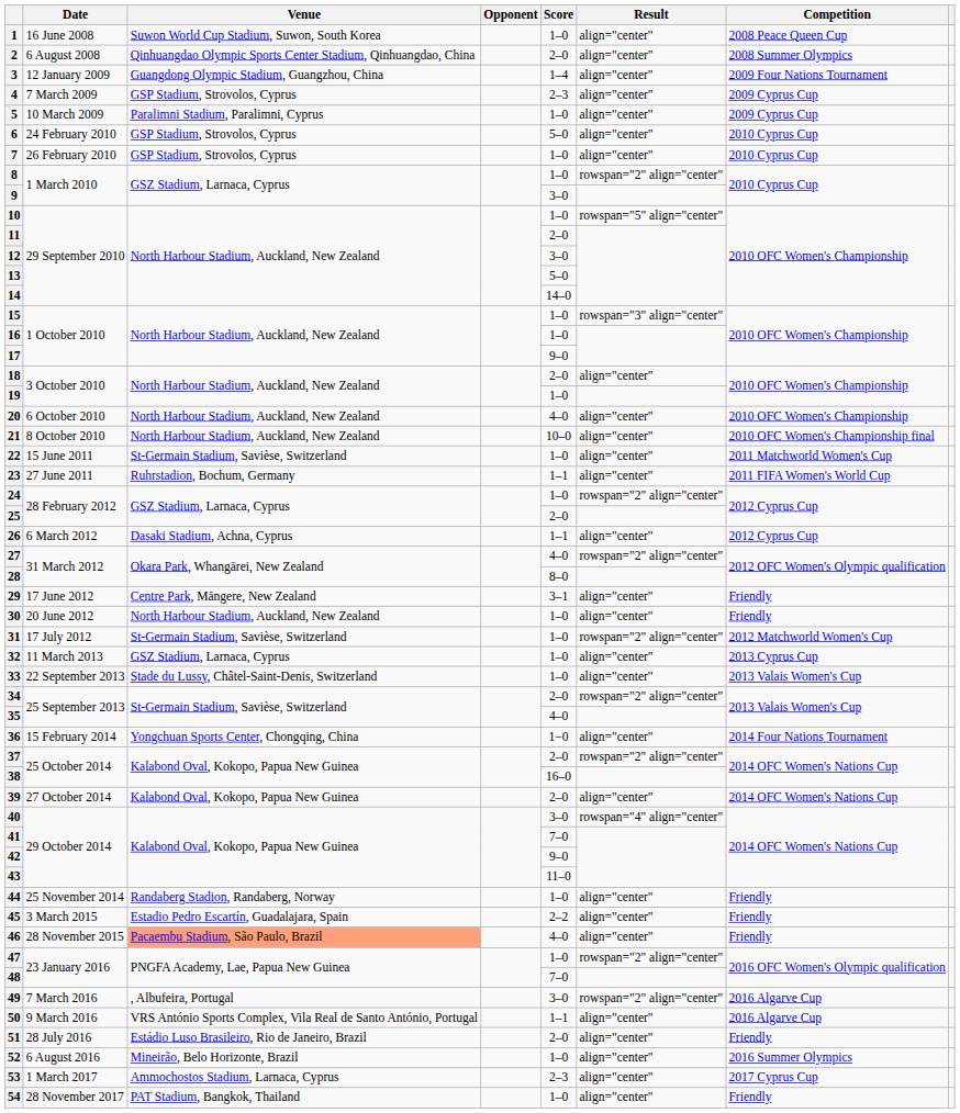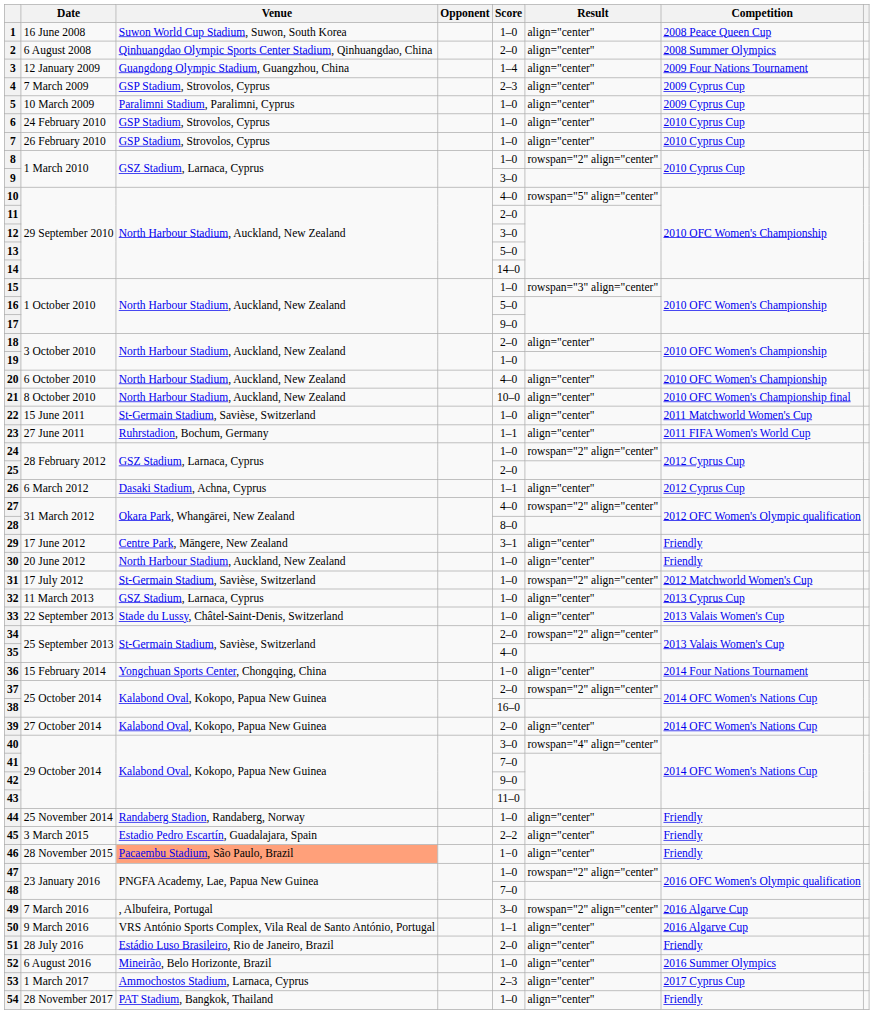 <table class="wikitable sortable">
 <tr>
 <th scope="col"></th>
 <th scope="col">Date</th>
 <th scope="col">Venue</th>
 <th scope="col">Opponent</th>
 <th scope="col">Score</th>
 <th scope="col">Result</th>
 <th scope="col">Competition</th>
 <th scope="col" class="unsortable"></th>
 </tr>
 <tr>
 <th scope="row">1</th>
 <td>16 June 2008</td>
 <td><a href='#'>Suwon World Cup Stadium</a>, Suwon, South Korea</td>
 <td></td>
 <td align="center">1–0</td>
 <td>align="center" </td>
 <td><a href='#'>2008 Peace Queen Cup</a></td>
 <td align="center"></td>
 </tr>
 <tr>
 <th scope="row">2</th>
 <td>6 August 2008</td>
 <td><a href='#'>Qinhuangdao Olympic Sports Center Stadium</a>, Qinhuangdao, China</td>
 <td></td>
 <td align="center">2–0</td>
 <td>align="center" </td>
 <td><a href='#'>2008 Summer Olympics</a></td>
 <td align="center"></td>
 </tr>
 <tr>
 <th scope="row">3</th>
 <td>12 January 2009</td>
 <td><a href='#'>Guangdong Olympic Stadium</a>, Guangzhou, China</td>
 <td></td>
 <td align="center">1–4</td>
 <td>align="center" </td>
 <td><a href='#'>2009 Four Nations Tournament</a></td>
 <td align="center"></td>
 </tr>
 <tr>
 <th scope="row">4</th>
 <td>7 March 2009</td>
 <td><a href='#'>GSP Stadium</a>, Strovolos, Cyprus</td>
 <td></td>
 <td align="center">2–3</td>
 <td>align="center" </td>
 <td><a href='#'>2009 Cyprus Cup</a></td>
 <td align="center"></td>
 </tr>
 <tr>
 <th scope="row">5</th>
 <td>10 March 2009</td>
 <td><a href='#'>Paralimni Stadium</a>, Paralimni, Cyprus</td>
 <td></td>
 <td align="center">1–0</td>
 <td>align="center" </td>
 <td><a href='#'>2009 Cyprus Cup</a></td>
 <td align="center"></td>
 </tr>
 <tr>
 <th scope="row">6</th>
 <td>24 February 2010</td>
 <td><a href='#'>GSP Stadium</a>, Strovolos, Cyprus</td>
 <td></td>
-<td align="center">5–0</td>
+<td align="center">1–0</td>
 <td>align="center" </td>
 <td><a href='#'>2010 Cyprus Cup</a></td>
 <td align="center"></td>
 </tr>
 <tr>
 <th scope="row">7</th>
 <td>26 February 2010</td>
 <td><a href='#'>GSP Stadium</a>, Strovolos, Cyprus</td>
 <td></td>
 <td align="center">1–0</td>
 <td>align="center" </td>
 <td><a href='#'>2010 Cyprus Cup</a></td>
 <td align="center"></td>
 </tr>
 <tr>
 <th scope="row">8</th>
 <td rowspan="2">1 March 2010</td>
 <td rowspan="2"><a href='#'>GSZ Stadium</a>, Larnaca, Cyprus</td>
 <td rowspan="2"></td>
 <td align="center">1–0</td>
 <td>rowspan="2" align="center" </td>
 <td rowspan="2"><a href='#'>2010 Cyprus Cup</a></td>
 <td rowspan="2" align="center"></td>
 </tr>
 <tr>
 <th scope="row">9</th>
 <td align="center">3–0</td>
 </tr>
 <tr>
 <th scope="row">10</th>
 <td rowspan="5">29 September 2010</td>
 <td rowspan="5"><a href='#'>North Harbour Stadium</a>, Auckland, New Zealand</td>
 <td rowspan="5"></td>
-<td align="center">1–0</td>
+<td align="center">4–0</td>
 <td>rowspan="5" align="center" </td>
 <td rowspan="5"><a href='#'>2010 OFC Women's Championship</a></td>
 <td rowspan="5" align="center"></td>
 </tr>
 <tr>
 <th scope="row">11</th>
 <td align="center">2–0</td>
 </tr>
 <tr>
 <th scope="row">12</th>
 <td align="center">3–0</td>
 </tr>
 <tr>
 <th scope="row">13</th>
 <td align="center">5–0</td>
 </tr>
 <tr>
 <th scope="row">14</th>
 <td align="center">14–0</td>
 </tr>
 <tr>
 <th scope="row">15</th>
 <td rowspan="3">1 October 2010</td>
 <td rowspan="3"><a href='#'>North Harbour Stadium</a>, Auckland, New Zealand</td>
 <td rowspan="3"></td>
 <td align="center">1–0</td>
 <td>rowspan="3" align="center" </td>
 <td rowspan="3"><a href='#'>2010 OFC Women's Championship</a></td>
 <td rowspan="3" align="center"></td>
 </tr>
 <tr>
 <th scope="row">16</th>
-<td align="center">1–0</td>
+<td align="center">5–0</td>
 </tr>
 <tr>
 <th scope="row">17</th>
 <td align="center">9–0</td>
 </tr>
 <tr>
 <th scope="row">18</th>
 <td rowspan="2">3 October 2010</td>
 <td rowspan="2"><a href='#'>North Harbour Stadium</a>, Auckland, New Zealand</td>
 <td rowspan="2"></td>
 <td align="center">2–0</td>
 <td>align="center" </td>
 <td rowspan="2"><a href='#'>2010 OFC Women's Championship</a></td>
 <td rowspan="2" align="center"></td>
 </tr>
 <tr>
 <th scope="row">19</th>
 <td align="center">1–0</td>
 </tr>
 <tr>
 <th scope="row">20</th>
 <td>6 October 2010</td>
 <td><a href='#'>North Harbour Stadium</a>, Auckland, New Zealand</td>
 <td></td>
 <td align="center">4–0</td>
 <td>align="center" </td>
 <td><a href='#'>2010 OFC Women's Championship</a></td>
 <td align="center"></td>
 </tr>
 <tr>
 <th scope="row">21</th>
 <td>8 October 2010</td>
 <td><a href='#'>North Harbour Stadium</a>, Auckland, New Zealand</td>
 <td></td>
 <td align="center">10–0</td>
 <td>align="center" </td>
 <td><a href='#'>2010 OFC Women's Championship final</a></td>
 <td align="center"></td>
 </tr>
 <tr>
 <th scope="row">22</th>
 <td>15 June 2011</td>
 <td><a href='#'>St-Germain Stadium</a>, Savièse, Switzerland</td>
 <td></td>
 <td align="center">1–0</td>
 <td>align="center" </td>
 <td><a href='#'>2011 Matchworld Women's Cup</a></td>
 <td align="center"></td>
 </tr>
 <tr>
 <th scope="row">23</th>
 <td>27 June 2011</td>
 <td><a href='#'>Ruhrstadion</a>, Bochum, Germany</td>
 <td></td>
 <td align="center">1–1</td>
 <td>align="center" </td>
 <td><a href='#'>2011 FIFA Women's World Cup</a></td>
 <td align="center"><strong></strong></td>
 </tr>
 <tr>
 <th scope="row">24</th>
 <td rowspan="2">28 February 2012</td>
 <td rowspan="2"><a href='#'>GSZ Stadium</a>, Larnaca, Cyprus</td>
 <td rowspan="2"></td>
 <td align="center">1–0</td>
 <td>rowspan="2" align="center" </td>
 <td rowspan="2"><a href='#'>2012 Cyprus Cup</a></td>
 <td rowspan="2" align="center"></td>
 </tr>
 <tr>
 <th scope="row">25</th>
 <td align="center">2–0</td>
 </tr>
 <tr>
 <th scope="row">26</th>
 <td>6 March 2012</td>
 <td><a href='#'>Dasaki Stadium</a>, Achna, Cyprus</td>
 <td></td>
 <td align="center">1–1</td>
 <td>align="center" </td>
 <td><a href='#'>2012 Cyprus Cup</a></td>
 <td align="center"></td>
 </tr>
 <tr>
 <th scope="row">27</th>
 <td rowspan="2">31 March 2012</td>
 <td rowspan="2"><a href='#'>Okara Park</a>, Whangārei, New Zealand</td>
 <td rowspan="2"></td>
 <td align="center">4–0</td>
 <td>rowspan="2" align="center" </td>
 <td rowspan="2"><a href='#'>2012 OFC Women's Olympic qualification</a></td>
 <td rowspan="2" align="center"></td>
 </tr>
 <tr>
 <th scope="row">28</th>
 <td align="center">8–0</td>
 </tr>
 <tr>
 <th scope="row">29</th>
 <td>17 June 2012</td>
 <td><a href='#'>Centre Park</a>, Māngere, New Zealand</td>
 <td></td>
 <td align="center">3–1</td>
 <td>align="center" </td>
 <td><a href='#'>Friendly</a></td>
 <td align="center"></td>
 </tr>
 <tr>
 <th scope="row">30</th>
 <td>20 June 2012</td>
 <td><a href='#'>North Harbour Stadium</a>, Auckland, New Zealand</td>
 <td></td>
 <td align="center">1–0</td>
 <td>align="center" </td>
 <td><a href='#'>Friendly</a></td>
 <td align="center"></td>
 </tr>
 <tr>
 <th scope="row">31</th>
 <td>17 July 2012</td>
 <td><a href='#'>St-Germain Stadium</a>, Savièse, Switzerland</td>
 <td></td>
 <td align="center">1–0</td>
 <td>rowspan="2" align="center" </td>
 <td><a href='#'>2012 Matchworld Women's Cup</a></td>
 <td align="center"></td>
 </tr>
 <tr>
 <th scope="row">32</th>
 <td>11 March 2013</td>
 <td><a href='#'>GSZ Stadium</a>, Larnaca, Cyprus</td>
 <td></td>
 <td align="center">1–0</td>
 <td>align="center" </td>
 <td><a href='#'>2013 Cyprus Cup</a></td>
 <td align="center"></td>
 </tr>
 <tr>
 <th scope="row">33</th>
 <td>22 September 2013</td>
 <td><a href='#'>Stade du Lussy</a>, Châtel-Saint-Denis, Switzerland</td>
 <td></td>
 <td align="center">1–0</td>
 <td>align="center" </td>
 <td><a href='#'>2013 Valais Women's Cup</a></td>
 <td align="center"></td>
 </tr>
 <tr>
 <th scope="row">34</th>
 <td rowspan="2">25 September 2013</td>
 <td rowspan="2"><a href='#'>St-Germain Stadium</a>, Savièse, Switzerland</td>
 <td rowspan="2"></td>
 <td align="center">2–0</td>
 <td>rowspan="2" align="center" </td>
 <td rowspan="2"><a href='#'>2013 Valais Women's Cup</a></td>
 <td rowspan="2" align="center"></td>
 </tr>
 <tr>
 <th scope="row">35</th>
 <td align="center">4–0</td>
 </tr>
 <tr>
 <th scope="row">36</th>
 <td>15 February 2014</td>
 <td><a href='#'>Yongchuan Sports Center</a>, Chongqing, China</td>
 <td></td>
 <td align="center">1−0</td>
 <td>align="center" </td>
 <td><a href='#'>2014 Four Nations Tournament</a></td>
 <td align="center"></td>
 </tr>
 <tr>
 <th scope="row">37</th>
 <td rowspan="2">25 October 2014</td>
 <td rowspan="2"><a href='#'>Kalabond Oval</a>, Kokopo, Papua New Guinea</td>
 <td rowspan="2"></td>
 <td align="center">2–0</td>
 <td>rowspan="2" align="center" </td>
 <td rowspan="2"><a href='#'>2014 OFC Women's Nations Cup</a></td>
 <td rowspan="2" align="center"></td>
 </tr>
 <tr>
 <th scope="row">38</th>
 <td align="center">16–0</td>
 </tr>
 <tr>
 <th scope="row">39</th>
 <td>27 October 2014</td>
 <td><a href='#'>Kalabond Oval</a>, Kokopo, Papua New Guinea</td>
 <td></td>
 <td align="center">2–0</td>
 <td>align="center" </td>
 <td><a href='#'>2014 OFC Women's Nations Cup</a></td>
 <td align="center"></td>
 </tr>
 <tr>
 <th scope="row">40</th>
 <td rowspan="4">29 October 2014</td>
 <td rowspan="4"><a href='#'>Kalabond Oval</a>, Kokopo, Papua New Guinea</td>
 <td rowspan="4"></td>
 <td align="center">3–0</td>
 <td>rowspan="4" align="center" </td>
 <td rowspan="4"><a href='#'>2014 OFC Women's Nations Cup</a></td>
 <td rowspan="4" align="center"></td>
 </tr>
 <tr>
 <th scope="row">41</th>
 <td align="center">7–0</td>
 </tr>
 <tr>
 <th scope="row">42</th>
 <td align="center">9–0</td>
 </tr>
 <tr>
 <th scope="row">43</th>
 <td align="center">11–0</td>
 </tr>
 <tr>
 <th scope="row">44</th>
 <td>25 November 2014</td>
 <td><a href='#'>Randaberg Stadion</a>, Randaberg, Norway</td>
 <td></td>
 <td align="center">1–0</td>
 <td>align="center" </td>
 <td><a href='#'>Friendly</a></td>
 <td align="center"></td>
 </tr>
 <tr>
 <th scope="row">45</th>
 <td>3 March 2015</td>
 <td><a href='#'>Estadio Pedro Escartín</a>, Guadalajara<em>,</em> Spain</td>
 <td></td>
 <td align="center">2–2</td>
 <td>align="center" </td>
 <td><a href='#'>Friendly</a></td>
 <td align="center"></td>
 </tr>
 <tr>
 <th scope="row">46</th>
 <td>28 November 2015</td>
 <td style="background: lightsalmon;"><a href='#'>Pacaembu Stadium</a>, São Paulo, Brazil</td>
 <td></td>
-<td align="center">4–0</td>
+<td align="center">1−0</td>
 <td>align="center" </td>
 <td><a href='#'>Friendly</a></td>
 <td align="center"></td>
 </tr>
 <tr>
 <th scope="row">47</th>
 <td rowspan="2">23 January 2016</td>
 <td rowspan="2">PNGFA Academy, Lae, Papua New Guinea</td>
 <td rowspan="2"></td>
 <td align="center">1–0</td>
 <td>rowspan="2" align="center" </td>
 <td rowspan="2"><a href='#'>2016 OFC Women's Olympic qualification</a></td>
 <td rowspan="2" align="center"></td>
 </tr>
 <tr>
 <th scope="row">48</th>
 <td align="center">7–0</td>
 </tr>
 <tr>
 <th scope="row">49</th>
 <td>7 March 2016</td>
 <td>, Albufeira, Portugal</td>
 <td></td>
 <td align="center">3–0</td>
 <td>rowspan="2" align="center" </td>
 <td><a href='#'>2016 Algarve Cup</a></td>
 <td align="center"></td>
 </tr>
 <tr>
 <th scope="row">50</th>
 <td>9 March 2016</td>
 <td>VRS António Sports Complex, Vila Real de Santo António, Portugal</td>
 <td></td>
 <td align="center">1–1</td>
 <td>align="center" </td>
 <td><a href='#'>2016 Algarve Cup</a></td>
 <td align="center"></td>
 </tr>
 <tr>
 <th scope="row">51</th>
 <td>28 July 2016</td>
 <td><a href='#'>Estádio Luso Brasileiro</a>, Rio de Janeiro, Brazil</td>
 <td></td>
 <td align="center">2–0</td>
 <td>align="center" </td>
 <td><a href='#'>Friendly</a></td>
 <td align="center"></td>
 </tr>
 <tr>
 <th scope="row">52</th>
 <td>6 August 2016</td>
 <td><a href='#'>Mineirão</a>, Belo Horizonte, Brazil</td>
 <td></td>
 <td align="center">1–0</td>
 <td>align="center" </td>
 <td><a href='#'>2016 Summer Olympics</a></td>
 <td align="center"></td>
 </tr>
 <tr>
 <th scope="row">53</th>
 <td>1 March 2017</td>
 <td><a href='#'>Ammochostos Stadium</a>, Larnaca, Cyprus</td>
 <td></td>
 <td align="center">2–3</td>
 <td>align="center" </td>
 <td><a href='#'>2017 Cyprus Cup</a></td>
 <td align="center"></td>
 </tr>
 <tr>
 <th scope="row">54</th>
 <td>28 November 2017</td>
 <td><a href='#'>PAT Stadium</a>, Bangkok, Thailand</td>
 <td></td>
 <td align="center">1–0</td>
 <td>align="center" </td>
 <td><a href='#'>Friendly</a></td>
 <td align="center"></td>
 </tr>
 </table>
